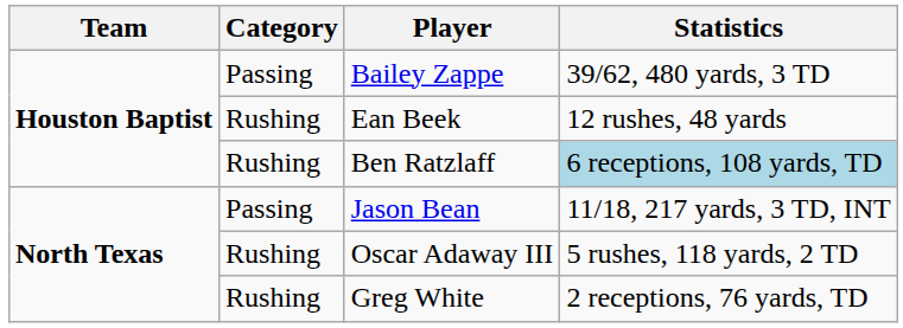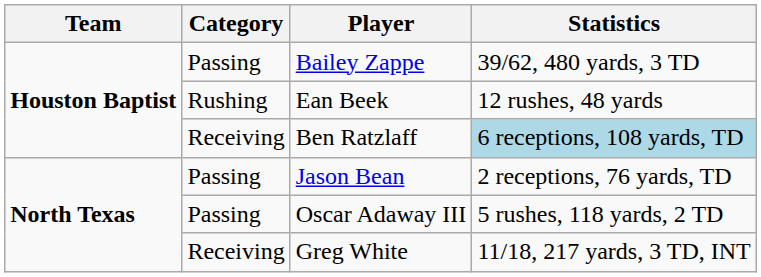 <table class="wikitable" style="float: right;">
 <tr>
 <th>Team</th>
 <th>Category</th>
 <th>Player</th>
 <th>Statistics</th>
 </tr>
 <tr>
 <td rowspan=3><strong>Houston Baptist</strong></td>
 <td>Passing</td>
 <td><a href='#'>Bailey Zappe</a></td>
 <td>39/62, 480 yards, 3 TD</td>
 </tr>
 <tr>
 <td>Rushing</td>
 <td>Ean Beek</td>
 <td>12 rushes, 48 yards</td>
 </tr>
 <tr>
-<td>Rushing</td>
+<td>Receiving</td>
 <td>Ben Ratzlaff</td>
 <td style="background: lightblue;">6 receptions, 108 yards, TD</td>
 </tr>
 <tr>
 <td rowspan=3><strong>North Texas</strong></td>
 <td>Passing</td>
 <td><a href='#'>Jason Bean</a></td>
-<td>11/18, 217 yards, 3 TD, INT</td>
+<td>2 receptions, 76 yards, TD</td>
 </tr>
 <tr>
-<td>Rushing</td>
+<td>Passing</td>
 <td>Oscar Adaway III</td>
 <td>5 rushes, 118 yards, 2 TD</td>
 </tr>
 <tr>
-<td>Rushing</td>
+<td>Receiving</td>
 <td>Greg White</td>
-<td>2 receptions, 76 yards, TD</td>
+<td>11/18, 217 yards, 3 TD, INT</td>
 </tr>
 </table>
